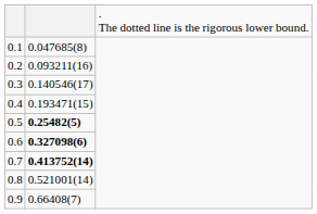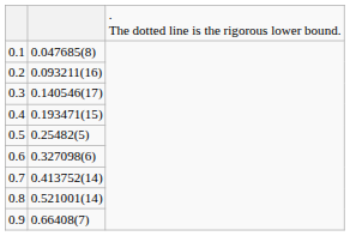 <table class="wikitable">
 <tr>
 <th></th>
 <th></th>
 <td>.<br>The dotted line is the rigorous lower bound.</td>
 </tr>
 <tr>
 <td>0.1</td>
 <td>0.047685(8)</td>
 <td rowspan=9></td>
 </tr>
 <tr>
 <td>0.2</td>
 <td>0.093211(16)</td>
 </tr>
 <tr>
 <td>0.3</td>
 <td>0.140546(17)</td>
 </tr>
 <tr>
 <td>0.4</td>
 <td>0.193471(15)</td>
 </tr>
 <tr>
 <td>0.5</td>
-<td><strong>0.25482(5)</strong></td>
+<td>0.25482(5)</td>
 </tr>
 <tr>
 <td>0.6</td>
-<td><strong>0.327098(6)</strong></td>
+<td>0.327098(6)</td>
 </tr>
 <tr>
 <td>0.7</td>
-<td><strong>0.413752(14)</strong></td>
+<td>0.413752(14)</td>
 </tr>
 <tr>
 <td>0.8</td>
 <td>0.521001(14)</td>
 </tr>
 <tr>
 <td>0.9</td>
 <td>0.66408(7)</td>
 </tr>
 </table>
